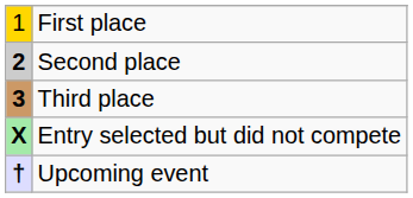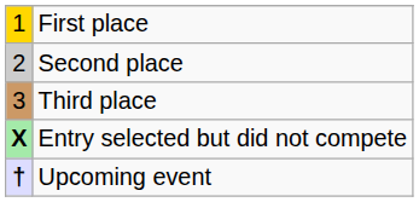 <table class="wikitable">
 <tr>
 </tr>
 <tr>
 <td style="text-align:center; background-color:#FFD700;">1</td>
 <td>First place</td>
 </tr>
 <tr>
-<td style="text-align:center; background-color:#CCC;"><strong>2</strong></td>
+<td style="text-align:center; background-color:#CCC;">2</td>
 <td>Second place</td>
 </tr>
 <tr>
-<td style="text-align:center; background-color:#C96;"><strong>3</strong></td>
+<td style="text-align:center; background-color:#C96;">3</td>
 <td>Third place</td>
 </tr>
 <tr>
 <td style="text-align:center; background-color:#A4EAA9;"><strong>X</strong></td>
 <td>Entry selected but did not compete</td>
 </tr>
 <tr>
 <td style="text-align:center; background-color:#DDF;"><strong>†</strong></td>
 <td>Upcoming event</td>
 </tr>
 </table>
